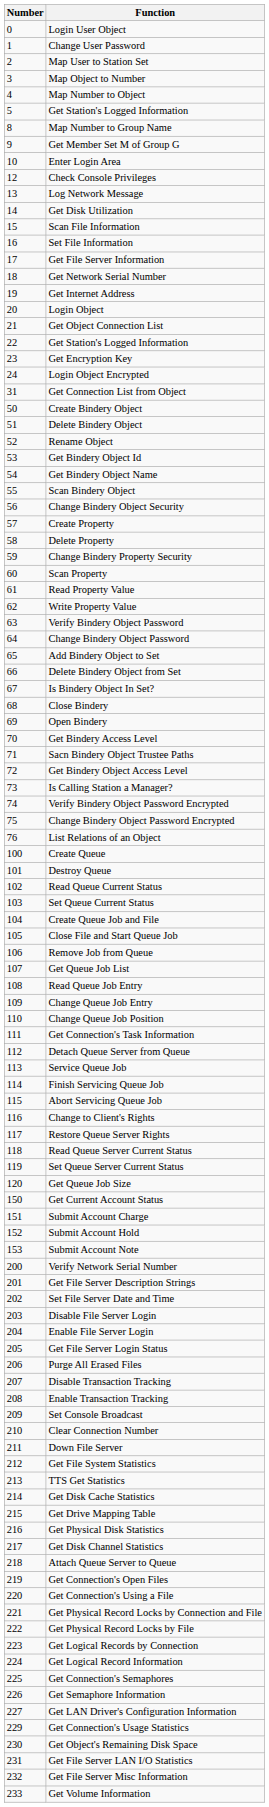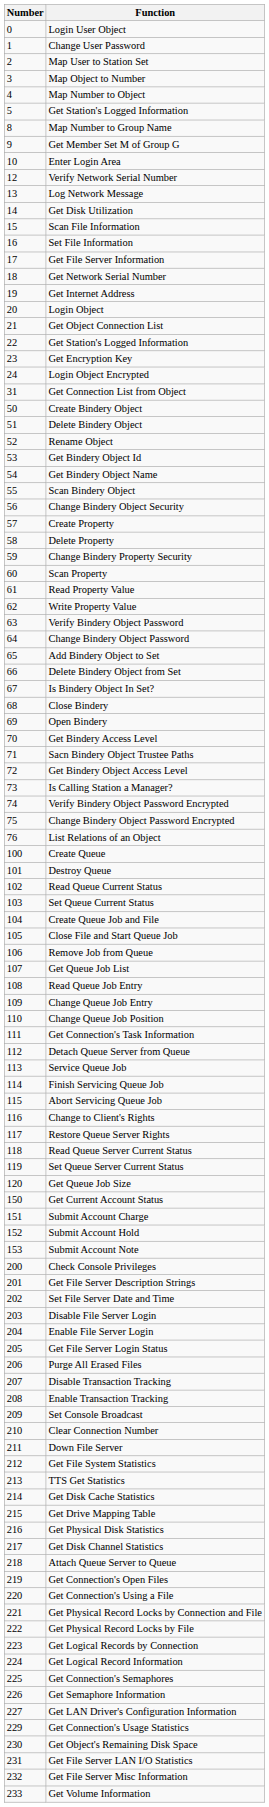 <table class="wikitable" style="text-align:left;">
 <tr>
 <th>Number</th>
 <th>Function</th>
 </tr>
 <tr>
 <td>0</td>
 <td>Login User Object</td>
 </tr>
 <tr>
 <td>1</td>
 <td>Change User Password</td>
 </tr>
 <tr>
 <td>2</td>
 <td>Map User to Station Set</td>
 </tr>
 <tr>
 <td>3</td>
 <td>Map Object to Number</td>
 </tr>
 <tr>
 <td>4</td>
 <td>Map Number to Object</td>
 </tr>
 <tr>
 <td>5</td>
 <td>Get Station's Logged Information</td>
 </tr>
 <tr>
 <td>8</td>
 <td>Map Number to Group Name</td>
 </tr>
 <tr>
 <td>9</td>
 <td>Get Member Set M of Group G</td>
 </tr>
 <tr>
 <td>10</td>
 <td>Enter Login Area</td>
 </tr>
 <tr>
 <td>12</td>
-<td>Check Console Privileges</td>
+<td>Verify Network Serial Number</td>
 </tr>
 <tr>
 <td>13</td>
 <td>Log Network Message</td>
 </tr>
 <tr>
 <td>14</td>
 <td>Get Disk Utilization</td>
 </tr>
 <tr>
 <td>15</td>
 <td>Scan File Information</td>
 </tr>
 <tr>
 <td>16</td>
 <td>Set File Information</td>
 </tr>
 <tr>
 <td>17</td>
 <td>Get File Server Information</td>
 </tr>
 <tr>
 <td>18</td>
 <td>Get Network Serial Number</td>
 </tr>
 <tr>
 <td>19</td>
 <td>Get Internet Address</td>
 </tr>
 <tr>
 <td>20</td>
 <td>Login Object</td>
 </tr>
 <tr>
 <td>21</td>
 <td>Get Object Connection List</td>
 </tr>
 <tr>
 <td>22</td>
 <td>Get Station's Logged Information</td>
 </tr>
 <tr>
 <td>23</td>
 <td>Get Encryption Key</td>
 </tr>
 <tr>
 <td>24</td>
 <td>Login Object Encrypted</td>
 </tr>
 <tr>
 <td>31</td>
 <td>Get Connection List from Object</td>
 </tr>
 <tr>
 <td>50</td>
 <td>Create Bindery Object</td>
 </tr>
 <tr>
 <td>51</td>
 <td>Delete Bindery Object</td>
 </tr>
 <tr>
 <td>52</td>
 <td>Rename Object</td>
 </tr>
 <tr>
 <td>53</td>
 <td>Get Bindery Object Id</td>
 </tr>
 <tr>
 <td>54</td>
 <td>Get Bindery Object Name</td>
 </tr>
 <tr>
 <td>55</td>
 <td>Scan Bindery Object</td>
 </tr>
 <tr>
 <td>56</td>
 <td>Change Bindery Object Security</td>
 </tr>
 <tr>
 <td>57</td>
 <td>Create Property</td>
 </tr>
 <tr>
 <td>58</td>
 <td>Delete Property</td>
 </tr>
 <tr>
 <td>59</td>
 <td>Change Bindery Property Security</td>
 </tr>
 <tr>
 <td>60</td>
 <td>Scan Property</td>
 </tr>
 <tr>
 <td>61</td>
 <td>Read Property Value</td>
 </tr>
 <tr>
 <td>62</td>
 <td>Write Property Value</td>
 </tr>
 <tr>
 <td>63</td>
 <td>Verify Bindery Object Password</td>
 </tr>
 <tr>
 <td>64</td>
 <td>Change Bindery Object Password</td>
 </tr>
 <tr>
 <td>65</td>
 <td>Add Bindery Object to Set</td>
 </tr>
 <tr>
 <td>66</td>
 <td>Delete Bindery Object from Set</td>
 </tr>
 <tr>
 <td>67</td>
 <td>Is Bindery Object In Set?</td>
 </tr>
 <tr>
 <td>68</td>
 <td>Close Bindery</td>
 </tr>
 <tr>
 <td>69</td>
 <td>Open Bindery</td>
 </tr>
 <tr>
 <td>70</td>
 <td>Get Bindery Access Level</td>
 </tr>
 <tr>
 <td>71</td>
 <td>Sacn Bindery Object Trustee Paths</td>
 </tr>
 <tr>
 <td>72</td>
 <td>Get Bindery Object Access Level</td>
 </tr>
 <tr>
 <td>73</td>
 <td>Is Calling Station a Manager?</td>
 </tr>
 <tr>
 <td>74</td>
 <td>Verify Bindery Object Password Encrypted</td>
 </tr>
 <tr>
 <td>75</td>
 <td>Change Bindery Object Password Encrypted</td>
 </tr>
 <tr>
 <td>76</td>
 <td>List Relations of an Object</td>
 </tr>
 <tr>
 <td>100</td>
 <td>Create Queue</td>
 </tr>
 <tr>
 <td>101</td>
 <td>Destroy Queue</td>
 </tr>
 <tr>
 <td>102</td>
 <td>Read Queue Current Status</td>
 </tr>
 <tr>
 <td>103</td>
 <td>Set Queue Current Status</td>
 </tr>
 <tr>
 <td>104</td>
 <td>Create Queue Job and File</td>
 </tr>
 <tr>
 <td>105</td>
 <td>Close File and Start Queue Job</td>
 </tr>
 <tr>
 <td>106</td>
 <td>Remove Job from Queue</td>
 </tr>
 <tr>
 <td>107</td>
 <td>Get Queue Job List</td>
 </tr>
 <tr>
 <td>108</td>
 <td>Read Queue Job Entry</td>
 </tr>
 <tr>
 <td>109</td>
 <td>Change Queue Job Entry</td>
 </tr>
 <tr>
 <td>110</td>
 <td>Change Queue Job Position</td>
 </tr>
 <tr>
 <td>111</td>
 <td>Get Connection's Task Information</td>
 </tr>
 <tr>
 <td>112</td>
 <td>Detach Queue Server from Queue</td>
 </tr>
 <tr>
 <td>113</td>
 <td>Service Queue Job</td>
 </tr>
 <tr>
 <td>114</td>
 <td>Finish Servicing Queue Job</td>
 </tr>
 <tr>
 <td>115</td>
 <td>Abort Servicing Queue Job</td>
 </tr>
 <tr>
 <td>116</td>
 <td>Change to Client's Rights</td>
 </tr>
 <tr>
 <td>117</td>
 <td>Restore Queue Server Rights</td>
 </tr>
 <tr>
 <td>118</td>
 <td>Read Queue Server Current Status</td>
 </tr>
 <tr>
 <td>119</td>
 <td>Set Queue Server Current Status</td>
 </tr>
 <tr>
 <td>120</td>
 <td>Get Queue Job Size</td>
 </tr>
 <tr>
 <td>150</td>
 <td>Get Current Account Status</td>
 </tr>
 <tr>
 <td>151</td>
 <td>Submit Account Charge</td>
 </tr>
 <tr>
 <td>152</td>
 <td>Submit Account Hold</td>
 </tr>
 <tr>
 <td>153</td>
 <td>Submit Account Note</td>
 </tr>
 <tr>
 <td>200</td>
-<td>Verify Network Serial Number</td>
+<td>Check Console Privileges</td>
 </tr>
 <tr>
 <td>201</td>
 <td>Get File Server Description Strings</td>
 </tr>
 <tr>
 <td>202</td>
 <td>Set File Server Date and Time</td>
 </tr>
 <tr>
 <td>203</td>
 <td>Disable File Server Login</td>
 </tr>
 <tr>
 <td>204</td>
 <td>Enable File Server Login</td>
 </tr>
 <tr>
 <td>205</td>
 <td>Get File Server Login Status</td>
 </tr>
 <tr>
 <td>206</td>
 <td>Purge All Erased Files</td>
 </tr>
 <tr>
 <td>207</td>
 <td>Disable Transaction Tracking</td>
 </tr>
 <tr>
 <td>208</td>
 <td>Enable Transaction Tracking</td>
 </tr>
 <tr>
 <td>209</td>
 <td>Set Console Broadcast</td>
 </tr>
 <tr>
 <td>210</td>
 <td>Clear Connection Number</td>
 </tr>
 <tr>
 <td>211</td>
 <td>Down File Server</td>
 </tr>
 <tr>
 <td>212</td>
 <td>Get File System Statistics</td>
 </tr>
 <tr>
 <td>213</td>
 <td>TTS Get Statistics</td>
 </tr>
 <tr>
 <td>214</td>
 <td>Get Disk Cache Statistics</td>
 </tr>
 <tr>
 <td>215</td>
 <td>Get Drive Mapping Table</td>
 </tr>
 <tr>
 <td>216</td>
 <td>Get Physical Disk Statistics</td>
 </tr>
 <tr>
 <td>217</td>
 <td>Get Disk Channel Statistics</td>
 </tr>
 <tr>
 <td>218</td>
 <td>Attach Queue Server to Queue</td>
 </tr>
 <tr>
 <td>219</td>
 <td>Get Connection's Open Files</td>
 </tr>
 <tr>
 <td>220</td>
 <td>Get Connection's Using a File</td>
 </tr>
 <tr>
 <td>221</td>
 <td>Get Physical Record Locks by Connection and File</td>
 </tr>
 <tr>
 <td>222</td>
 <td>Get Physical Record Locks by File</td>
 </tr>
 <tr>
 <td>223</td>
 <td>Get Logical Records by Connection</td>
 </tr>
 <tr>
 <td>224</td>
 <td>Get Logical Record Information</td>
 </tr>
 <tr>
 <td>225</td>
 <td>Get Connection's Semaphores</td>
 </tr>
 <tr>
 <td>226</td>
 <td>Get Semaphore Information</td>
 </tr>
 <tr>
 <td>227</td>
 <td>Get LAN Driver's Configuration Information</td>
 </tr>
 <tr>
 <td>229</td>
 <td>Get Connection's Usage Statistics</td>
 </tr>
 <tr>
 <td>230</td>
 <td>Get Object's Remaining Disk Space</td>
 </tr>
 <tr>
 <td>231</td>
 <td>Get File Server LAN I/O Statistics</td>
 </tr>
 <tr>
 <td>232</td>
 <td>Get File Server Misc Information</td>
 </tr>
 <tr>
 <td>233</td>
 <td>Get Volume Information</td>
 </tr>
 </table>
